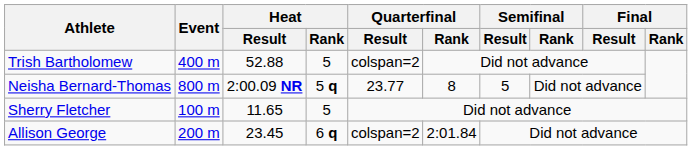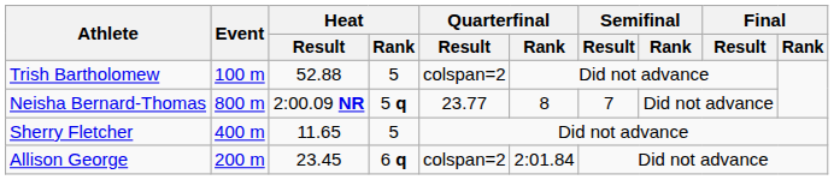 <table class=wikitable style="font-size:90%">
 <tr>
 <th rowspan="2">Athlete</th>
 <th rowspan="2">Event</th>
 <th colspan="2">Heat</th>
 <th colspan="2">Quarterfinal</th>
 <th colspan="2">Semifinal</th>
 <th colspan="2">Final</th>
 </tr>
 <tr style="font-size:95%">
 <th>Result</th>
 <th>Rank</th>
 <th>Result</th>
 <th>Rank</th>
 <th>Result</th>
 <th>Rank</th>
 <th>Result</th>
 <th>Rank</th>
 </tr>
 <tr align=center>
 <td align=left><a href='#'>Trish Bartholomew</a></td>
-<td align=left><a href='#'>400 m</a></td>
+<td align=left><a href='#'>100 m</a></td>
 <td>52.88</td>
 <td>5</td>
 <td>colspan=2 </td>
 <td colspan=4>Did not advance</td>
 </tr>
 <tr align=center>
 <td align=left><a href='#'>Neisha Bernard-Thomas</a></td>
 <td align=left><a href='#'>800 m</a></td>
 <td>2:00.09 <strong><a href='#'>NR</a></strong></td>
 <td>5 <strong>q</strong></td>
 <td>23.77</td>
 <td>8</td>
-<td>5</td>
+<td>7</td>
 <td colspan=2>Did not advance</td>
 </tr>
 <tr align=center>
 <td align=left><a href='#'>Sherry Fletcher</a></td>
-<td align=left><a href='#'>100 m</a></td>
+<td align=left><a href='#'>400 m</a></td>
 <td>11.65</td>
 <td>5</td>
 <td colspan=6>Did not advance</td>
 </tr>
 <tr align=center>
 <td align=left><a href='#'>Allison George</a></td>
 <td align=left><a href='#'>200 m</a></td>
 <td>23.45</td>
 <td>6 <strong>q</strong></td>
 <td>colspan=2 </td>
 <td>2:01.84</td>
 <td colspan=4>Did not advance</td>
 </tr>
 </table>
